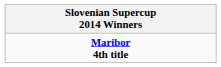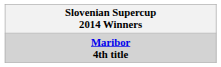 <table class="wikitable" style="text-align: center; margin: 0 auto; width: 20%">
 <tr>
 <th>Slovenian Supercup <br>2014 Winners</th>
 </tr>
 <tr>
-<td><strong><a href='#'>Maribor</a></strong><br><strong>4th title</strong></td>
+<td style="background: lightgrey;"><strong><a href='#'>Maribor</a></strong><br><strong>4th title</strong></td>
 </tr>
 </table>
